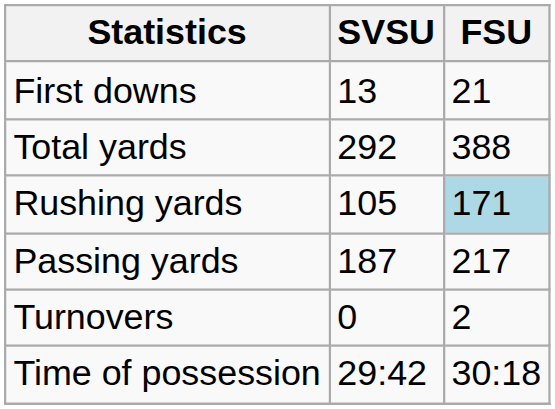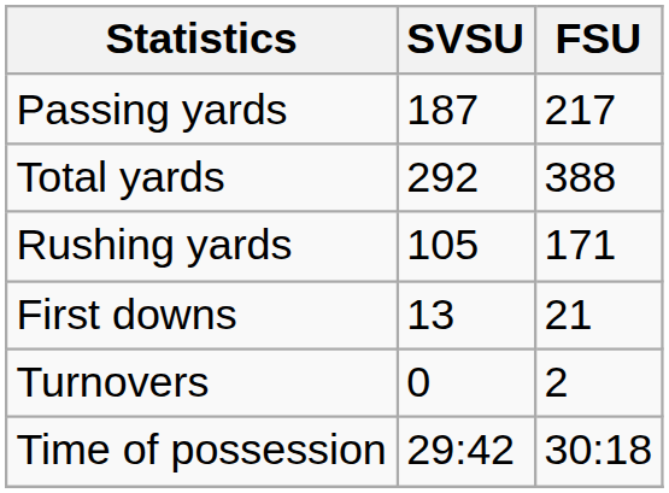 <table class="wikitable">
 <tr>
 <th>Statistics</th>
 <th>SVSU</th>
 <th>FSU</th>
 </tr>
 <tr>
-<td>First downs</td>
-<td>13</td>
-<td>21</td>
+<td>Passing yards</td>
+<td>187</td>
+<td>217</td>
 </tr>
 <tr>
 <td>Total yards</td>
 <td>292</td>
 <td>388</td>
 </tr>
 <tr>
 <td>Rushing yards</td>
 <td>105</td>
-<td style="background: lightblue;">171</td>
+<td>171</td>
 </tr>
 <tr>
-<td>Passing yards</td>
-<td>187</td>
-<td>217</td>
+<td>First downs</td>
+<td>13</td>
+<td>21</td>
 </tr>
 <tr>
 <td>Turnovers</td>
 <td>0</td>
 <td>2</td>
 </tr>
 <tr>
 <td>Time of possession</td>
 <td>29:42</td>
 <td>30:18</td>
 </tr>
 <tr>
 </tr>
 </table>
